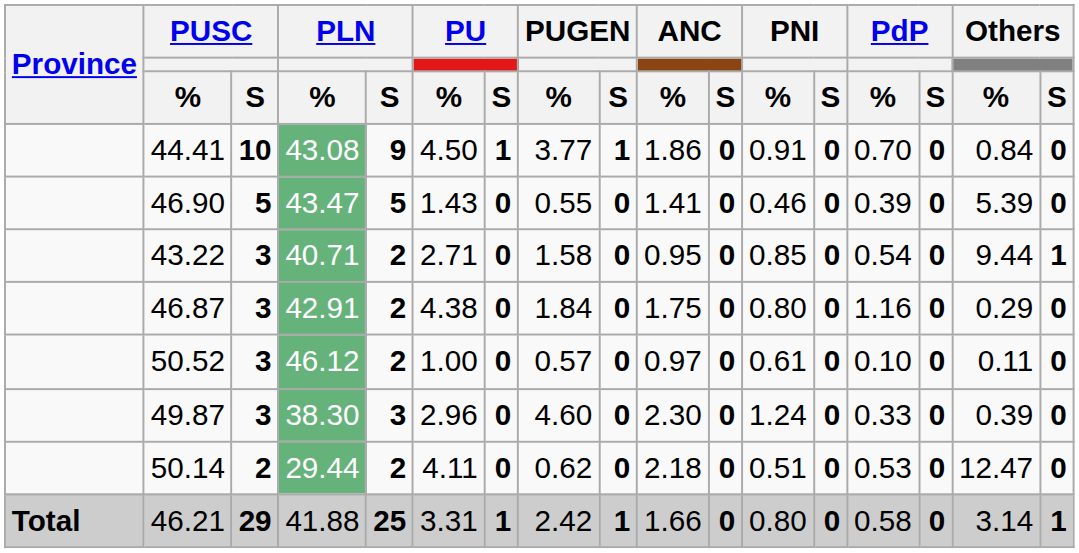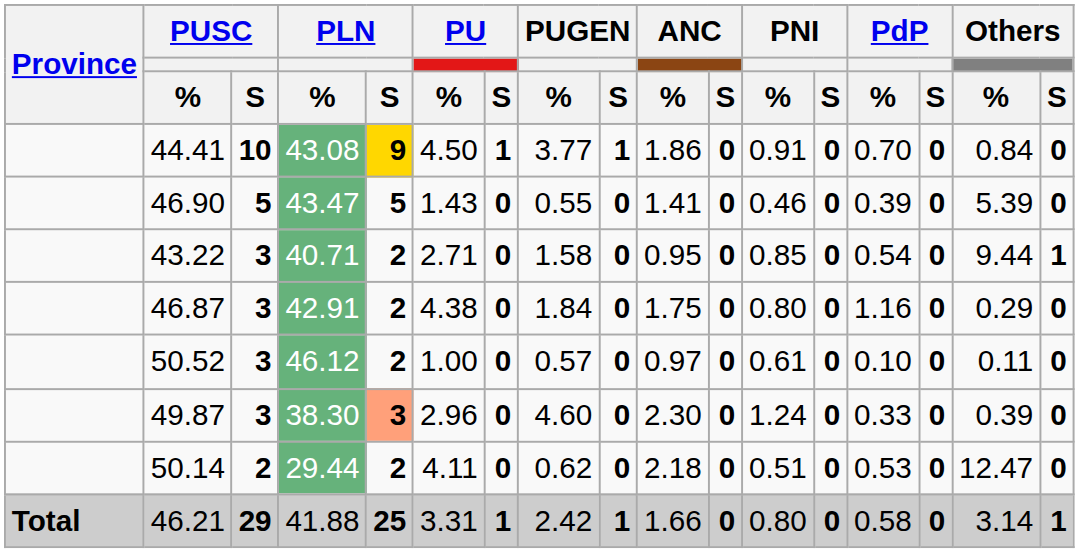 <table class="wikitable sortable" style="text-align:right; font-size:95%; line-height:20px;">
 <tr>
 <th rowspan="3"><a href='#'>Province</a></th>
 <th colspan="2" width="30px"><a href='#'>PUSC</a></th>
 <th colspan="2" width="30px"><a href='#'>PLN</a></th>
 <th colspan="2" width="30px"><a href='#'>PU</a></th>
 <th colspan="2" width="30px">PUGEN</th>
 <th colspan="2" width="30px">ANC</th>
 <th colspan="2" width="30px">PNI</th>
 <th colspan="2" width="30px"><a href='#'>PdP</a></th>
 <th colspan="2" width="30px">Others</th>
 </tr>
 <tr>
 <th colspan="2" style="background:"></th>
 <th colspan="2" style="background:"></th>
 <th colspan="2" style="background:#e31717"></th>
 <th colspan="2" style="background:"></th>
 <th colspan="2" style="background:saddlebrown"></th>
 <th colspan="2" style="background:"></th>
 <th colspan="2" style="background:"></th>
 <th colspan="2" style="background:grey"></th>
 </tr>
 <tr>
 <th data-sort-type="number">%</th>
 <th data-sort-type="number">S</th>
 <th data-sort-type="number">%</th>
 <th data-sort-type="number">S</th>
 <th data-sort-type="number">%</th>
 <th data-sort-type="number">S</th>
 <th data-sort-type="number">%</th>
 <th data-sort-type="number">S</th>
 <th data-sort-type="number">%</th>
 <th data-sort-type="number">S</th>
 <th data-sort-type="number">%</th>
 <th data-sort-type="number">S</th>
 <th data-sort-type="number">%</th>
 <th data-sort-type="number">S</th>
 <th data-sort-type="number">%</th>
 <th data-sort-type="number">S</th>
 </tr>
 <tr>
 <td align="left"></td>
 <td style="background:">44.41</td>
 <td><strong>10</strong></td>
 <td style="background:#66B27B; color:white;">43.08</td>
-<td><strong>9</strong></td>
+<td style="background: gold;"><strong>9</strong></td>
 <td>4.50</td>
 <td><strong>1</strong></td>
 <td>3.77</td>
 <td><strong>1</strong></td>
 <td>1.86</td>
 <td><strong>0</strong></td>
 <td>0.91</td>
 <td><strong>0</strong></td>
 <td>0.70</td>
 <td><strong>0</strong></td>
 <td>0.84</td>
 <td><strong>0</strong></td>
 </tr>
 <tr>
 <td align="left"></td>
 <td style="background:">46.90</td>
 <td><strong>5</strong></td>
 <td style="background:#66B27B; color:white;">43.47</td>
 <td><strong>5</strong></td>
 <td>1.43</td>
 <td><strong>0</strong></td>
 <td>0.55</td>
 <td><strong>0</strong></td>
 <td>1.41</td>
 <td><strong>0</strong></td>
 <td>0.46</td>
 <td><strong>0</strong></td>
 <td>0.39</td>
 <td><strong>0</strong></td>
 <td>5.39</td>
 <td><strong>0</strong></td>
 </tr>
 <tr>
 <td align="left"></td>
 <td style="background:">43.22</td>
 <td><strong>3</strong></td>
 <td style="background:#66B27B; color:white;">40.71</td>
 <td><strong>2</strong></td>
 <td>2.71</td>
 <td><strong>0</strong></td>
 <td>1.58</td>
 <td><strong>0</strong></td>
 <td>0.95</td>
 <td><strong>0</strong></td>
 <td>0.85</td>
 <td><strong>0</strong></td>
 <td>0.54</td>
 <td><strong>0</strong></td>
 <td>9.44</td>
 <td><strong>1</strong></td>
 </tr>
 <tr>
 <td align="left"></td>
 <td style="background:">46.87</td>
 <td><strong>3</strong></td>
 <td style="background:#66B27B; color:white;">42.91</td>
 <td><strong>2</strong></td>
 <td>4.38</td>
 <td><strong>0</strong></td>
 <td>1.84</td>
 <td><strong>0</strong></td>
 <td>1.75</td>
 <td><strong>0</strong></td>
 <td>0.80</td>
 <td><strong>0</strong></td>
 <td>1.16</td>
 <td><strong>0</strong></td>
 <td>0.29</td>
 <td><strong>0</strong></td>
 </tr>
 <tr>
 <td align="left"></td>
 <td style="background:">50.52</td>
 <td><strong>3</strong></td>
 <td style="background:#66B27B; color:white;">46.12</td>
 <td><strong>2</strong></td>
 <td>1.00</td>
 <td><strong>0</strong></td>
 <td>0.57</td>
 <td><strong>0</strong></td>
 <td>0.97</td>
 <td><strong>0</strong></td>
 <td>0.61</td>
 <td><strong>0</strong></td>
 <td>0.10</td>
 <td><strong>0</strong></td>
 <td>0.11</td>
 <td><strong>0</strong></td>
 </tr>
 <tr>
 <td align="left"></td>
 <td style="background:">49.87</td>
 <td><strong>3</strong></td>
 <td style="background:#66B27B; color:white;">38.30</td>
-<td><strong>3</strong></td>
+<td style="background: lightsalmon;"><strong>3</strong></td>
 <td>2.96</td>
 <td><strong>0</strong></td>
 <td>4.60</td>
 <td><strong>0</strong></td>
 <td>2.30</td>
 <td><strong>0</strong></td>
 <td>1.24</td>
 <td><strong>0</strong></td>
 <td>0.33</td>
 <td><strong>0</strong></td>
 <td>0.39</td>
 <td><strong>0</strong></td>
 </tr>
 <tr>
 <td align="left"></td>
 <td style="background:">50.14</td>
 <td><strong>2</strong></td>
 <td style="background:#66B27B; color:white;">29.44</td>
 <td><strong>2</strong></td>
 <td>4.11</td>
 <td><strong>0</strong></td>
 <td>0.62</td>
 <td><strong>0</strong></td>
 <td>2.18</td>
 <td><strong>0</strong></td>
 <td>0.51</td>
 <td><strong>0</strong></td>
 <td>0.53</td>
 <td><strong>0</strong></td>
 <td>12.47</td>
 <td><strong>0</strong></td>
 </tr>
 <tr style="background:#CDCDCD;">
 <td align="left"><strong>Total</strong></td>
 <td style="background:">46.21</td>
 <td><strong>29</strong></td>
 <td>41.88</td>
 <td><strong>25</strong></td>
 <td>3.31</td>
 <td><strong>1</strong></td>
 <td>2.42</td>
 <td><strong>1</strong></td>
 <td>1.66</td>
 <td><strong>0</strong></td>
 <td>0.80</td>
 <td><strong>0</strong></td>
 <td>0.58</td>
 <td><strong>0</strong></td>
 <td>3.14</td>
 <td><strong>1</strong></td>
 </tr>
 </table>
